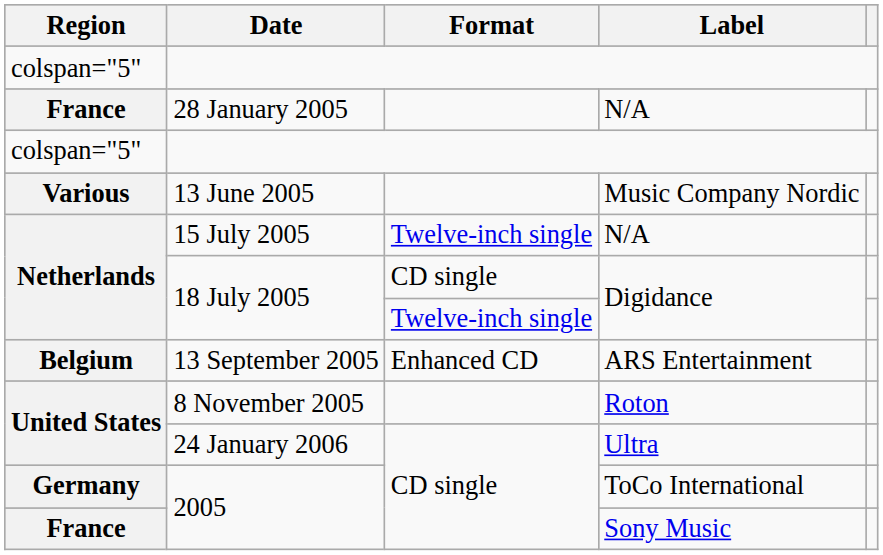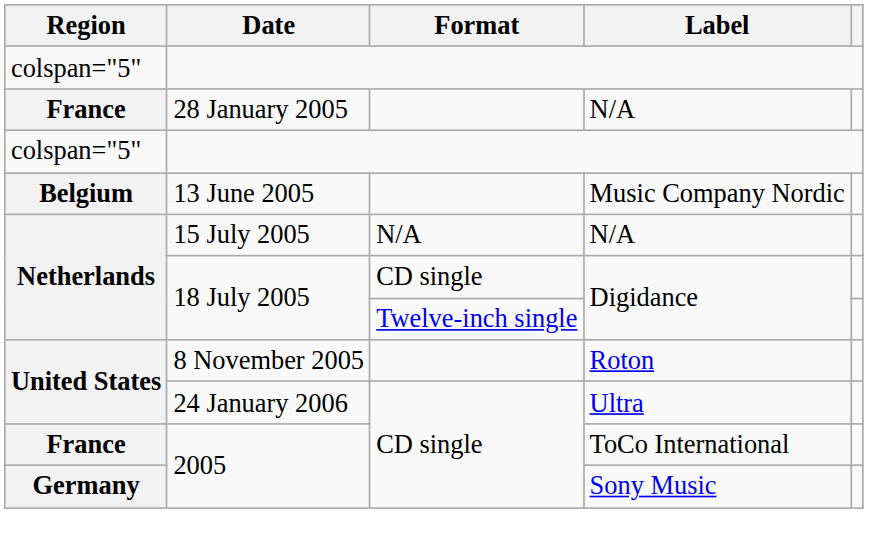 <table class="wikitable plainrowheaders unsortable">
 <tr>
 <th scope="col">Region</th>
 <th scope="col">Date</th>
 <th scope="col">Format</th>
 <th scope="col">Label</th>
 <th scope="col"></th>
 </tr>
 <tr>
 <td>colspan="5" </td>
 </tr>
 <tr>
 <th scope="row">France</th>
 <td>28 January 2005</td>
 <td></td>
 <td>N/A</td>
 <td style="text-align:center;"></td>
 </tr>
 <tr>
 <td>colspan="5" </td>
 </tr>
 <tr>
-<th scope="row">Various</th>
+<th scope="row">Belgium</th>
 <td>13 June 2005</td>
 <td></td>
 <td>Music Company Nordic</td>
 <td style="text-align:center;"></td>
 </tr>
 <tr>
 <th rowspan="3" scope="row">Netherlands</th>
 <td>15 July 2005</td>
-<td><a href='#'>Twelve-inch single</a></td>
+<td>N/A</td>
 <td>N/A</td>
 <td style="text-align:center;"></td>
 </tr>
 <tr>
 <td rowspan="2">18 July 2005</td>
 <td>CD single</td>
 <td rowspan="2">Digidance</td>
 <td style="text-align:center;"></td>
 </tr>
 <tr>
 <td><a href='#'>Twelve-inch single</a></td>
-<td style="text-align:center;"></td>
-</tr>
-<tr>
-<th scope="row">Belgium</th>
-<td>13 September 2005</td>
-<td>Enhanced CD</td>
-<td>ARS Entertainment</td>
 <td style="text-align:center;"></td>
 </tr>
 <tr>
 <th rowspan="2" scope="row">United States</th>
 <td>8 November 2005</td>
 <td></td>
 <td><a href='#'>Roton</a></td>
 <td style="text-align:center;"></td>
 </tr>
 <tr>
 <td>24 January 2006</td>
 <td rowspan="3">CD single</td>
 <td><a href='#'>Ultra</a></td>
 <td style="text-align:center;"></td>
 </tr>
 <tr>
-<th scope="row">Germany</th>
+<th scope="row">France</th>
 <td rowspan="2">2005</td>
 <td>ToCo International</td>
 <td style="text-align:center;"></td>
 </tr>
 <tr>
-<th scope="row">France</th>
+<th scope="row">Germany</th>
 <td><a href='#'>Sony Music</a></td>
 <td style="text-align:center;"></td>
 </tr>
 </table>
